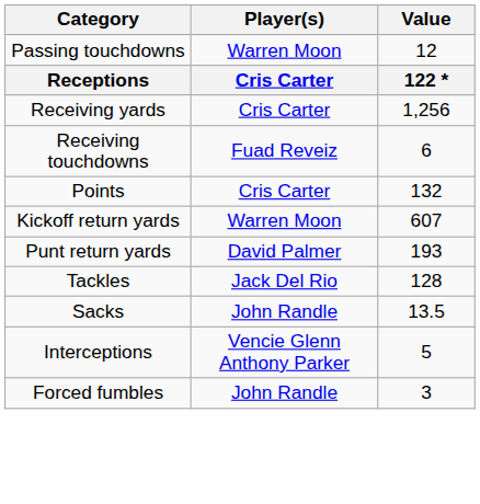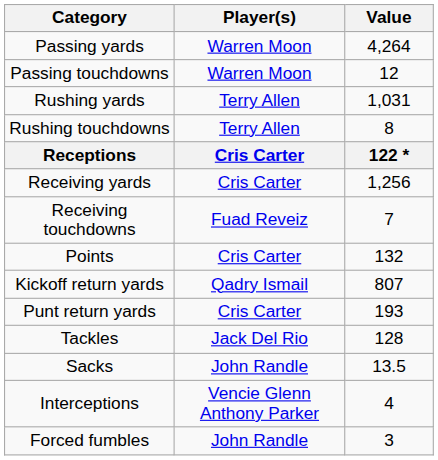 <table class="wikitable" style="text-align:center">
 <tr>
 <th width=150px>Category</th>
 <th width=150px>Player(s)</th>
 <th width=75px>Value</th>
 </tr>
 <tr>
+<td>Passing yards</td>
+<td><a href='#'>Warren Moon</a></td>
+<td>4,264</td>
+</tr>
+<tr>
 <td>Passing touchdowns</td>
 <td><a href='#'>Warren Moon</a></td>
 <td>12</td>
+</tr>
+<tr>
+<td>Rushing yards</td>
+<td><a href='#'>Terry Allen</a></td>
+<td>1,031</td>
+</tr>
+<tr>
+<td>Rushing touchdowns</td>
+<td><a href='#'>Terry Allen</a></td>
+<td>8</td>
 </tr>
 <tr>
 <th>Receptions</th>
 <th><a href='#'>Cris Carter</a></th>
 <th>122 *</th>
 </tr>
 <tr>
 <td>Receiving yards</td>
 <td><a href='#'>Cris Carter</a></td>
 <td>1,256</td>
 </tr>
 <tr>
 <td>Receiving touchdowns</td>
 <td><a href='#'>Fuad Reveiz</a></td>
-<td>6</td>
+<td>7</td>
 </tr>
 <tr>
 <td>Points</td>
 <td><a href='#'>Cris Carter</a></td>
 <td>132</td>
 </tr>
 <tr>
 <td>Kickoff return yards</td>
-<td><a href='#'>Warren Moon</a></td>
-<td>607</td>
+<td><a href='#'>Qadry Ismail</a></td>
+<td>807</td>
 </tr>
 <tr>
 <td>Punt return yards</td>
-<td><a href='#'>David Palmer</a></td>
+<td><a href='#'>Cris Carter</a></td>
 <td>193</td>
 </tr>
 <tr>
 <td>Tackles</td>
 <td><a href='#'>Jack Del Rio</a></td>
 <td>128</td>
 </tr>
 <tr>
 <td>Sacks</td>
 <td><a href='#'>John Randle</a></td>
 <td>13.5</td>
 </tr>
 <tr>
 <td>Interceptions</td>
 <td><a href='#'>Vencie Glenn</a> <br> <a href='#'>Anthony Parker</a></td>
-<td>5</td>
+<td>4</td>
 </tr>
 <tr>
 <td>Forced fumbles</td>
 <td><a href='#'>John Randle</a></td>
 <td>3</td>
 </tr>
 </table>
